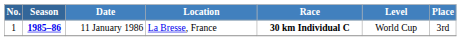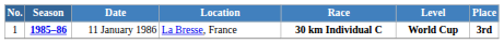 <table class="wikitable sortable" style="font-size:95%; text-align:center; border:grey solid 1px; border-collapse:collapse; background:#ffffff;">
 <tr style="background:#efefef;">
 <th style="background-color:#369; color:white;">No.</th>
 <th style="background-color:#369; color:white;">Season</th>
 <th style="background-color:#4180be; color:white; width:120px;">Date</th>
 <th style="background-color:#4180be; color:white; width:170px;">Location</th>
 <th style="background-color:#4180be; color:white; width:160px;">Race</th>
 <th style="background-color:#4180be; color:white; width:100px;">Level</th>
 <th style="background-color:#4180be; color:white;">Place</th>
 </tr>
 <tr>
 <td align=center>1</td>
 <td rowspan=1 align=center><strong> <a href='#'>1985–86</a> </strong></td>
 <td align=right>11 January 1986</td>
 <td align=left> <a href='#'>La Bresse</a>, France</td>
 <td><strong>30 km Individual C</strong></td>
-<td>World Cup</td>
-<td>3rd</td>
+<td><strong>World Cup</strong></td>
+<td><strong>3rd</strong></td>
 </tr>
 <tr>
 </tr>
 </table>
